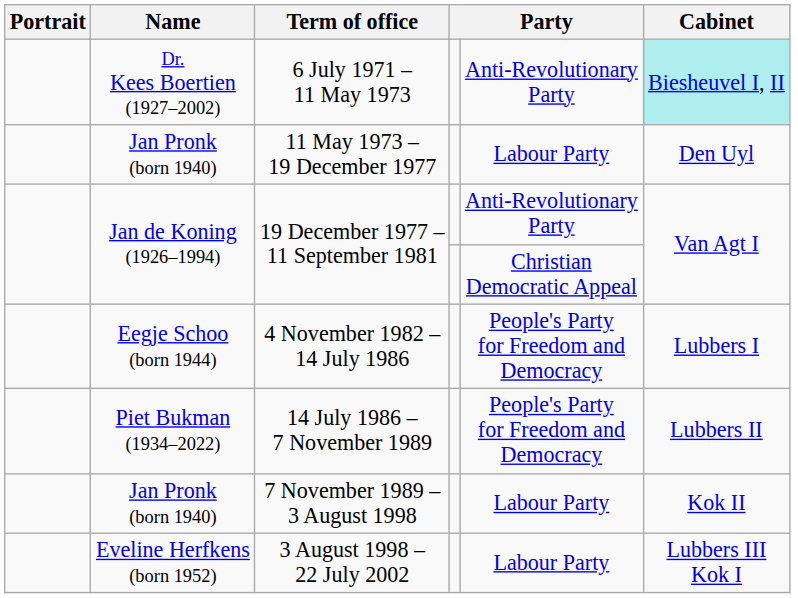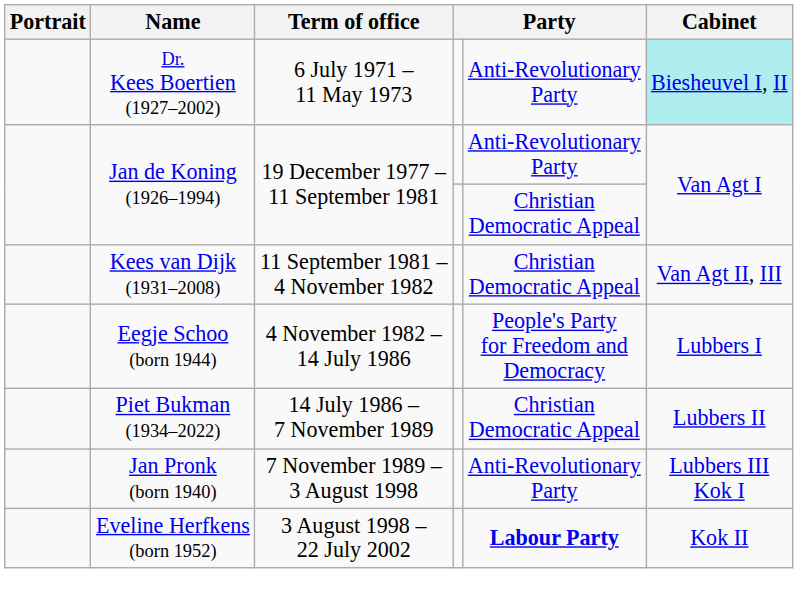 <table class="wikitable" style="text-align:center">
 <tr>
 <th>Portrait</th>
 <th>Name<br></th>
 <th>Term of office</th>
 <th colspan=2>Party</th>
 <th>Cabinet</th>
 </tr>
 <tr>
 <td></td>
 <td><small><a href='#'>Dr.</a></small> <br> <a href='#'>Kees Boertien</a> <br> <small>(1927–2002)</small></td>
 <td>6 July 1971 – <br> 11 May 1973</td>
 <td style="background:"></td>
 <td><a href='#'>Anti-Revolutionary <br> Party</a></td>
 <td style="background: paleturquoise;"><a href='#'>Biesheuvel I</a>, <a href='#'>II</a></td>
 </tr>
 <tr>
-<td></td>
-<td><a href='#'>Jan Pronk</a> <br> <small>(born 1940)</small></td>
-<td>11 May 1973 – <br> 19 December 1977</td>
-<td style="background:"></td>
-<td><a href='#'>Labour Party</a></td>
-<td><a href='#'>Den Uyl</a></td>
-</tr>
-<tr>
 <td rowspan=2></td>
 <td rowspan=2><a href='#'>Jan de Koning</a> <br> <small>(1926–1994)</small></td>
 <td rowspan=2>19 December 1977 – <br> 11 September 1981</td>
 <td style="background:"></td>
 <td><a href='#'>Anti-Revolutionary <br> Party</a></td>
 <td rowspan=2><a href='#'>Van Agt I</a></td>
 </tr>
 <tr>
 <td style="background:"></td>
 <td><a href='#'>Christian <br> Democratic Appeal</a></td>
+</tr>
+<tr>
+<td></td>
+<td><a href='#'>Kees van Dijk</a> <br> <small>(1931–2008)</small></td>
+<td>11 September 1981 – <br> 4 November 1982</td>
+<td style="background:"></td>
+<td><a href='#'>Christian <br> Democratic Appeal</a></td>
+<td><a href='#'>Van Agt II</a>, <a href='#'>III</a></td>
 </tr>
 <tr>
 <td></td>
 <td><a href='#'>Eegje Schoo</a> <br> <small>(born 1944)</small></td>
 <td>4 November 1982 – <br> 14 July 1986</td>
 <td style="background:"></td>
 <td><a href='#'>People's Party <br> for Freedom and <br> Democracy</a></td>
 <td><a href='#'>Lubbers I</a></td>
 </tr>
 <tr>
 <td></td>
 <td><a href='#'>Piet Bukman</a> <br> <small>(1934–2022)</small></td>
 <td>14 July 1986 – <br> 7 November 1989</td>
 <td style="background:"></td>
-<td><a href='#'>People's Party <br> for Freedom and <br> Democracy</a></td>
+<td><a href='#'>Christian <br> Democratic Appeal</a></td>
 <td><a href='#'>Lubbers II</a></td>
 </tr>
 <tr>
 <td></td>
 <td><a href='#'>Jan Pronk</a> <br> <small>(born 1940)</small></td>
 <td>7 November 1989 – <br> 3 August 1998</td>
 <td style="background:"></td>
-<td><a href='#'>Labour Party</a></td>
-<td><a href='#'>Kok II</a></td>
+<td><a href='#'>Anti-Revolutionary <br> Party</a></td>
+<td><a href='#'>Lubbers III</a> <br> <a href='#'>Kok I</a></td>
 </tr>
 <tr>
 <td></td>
 <td><a href='#'>Eveline Herfkens</a> <br> <small>(born 1952)</small></td>
 <td>3 August 1998 – <br> 22 July 2002</td>
 <td style="background:"></td>
-<td><a href='#'>Labour Party</a></td>
-<td><a href='#'>Lubbers III</a> <br> <a href='#'>Kok I</a></td>
+<td><strong><a href='#'>Labour Party</a></strong></td>
+<td><a href='#'>Kok II</a></td>
 </tr>
 </table>
